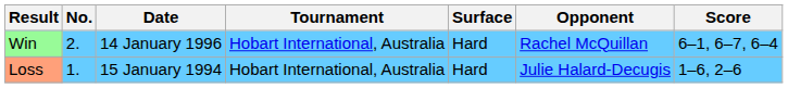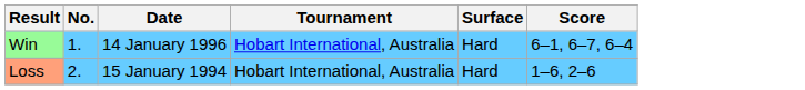 <table class="wikitable">
 <tr>
 <th>Result</th>
 <th>No.</th>
 <th>Date</th>
 <th>Tournament</th>
 <th>Surface</th>
-<th>Opponent</th>
 <th>Score</th>
 </tr>
 <tr style="background:#66ccff">
 <td style="background:#98fb98;">Win</td>
-<td>2.</td>
+<td>1.</td>
 <td>14 January 1996</td>
 <td><a href='#'>Hobart International</a>, Australia</td>
 <td>Hard</td>
-<td> <a href='#'>Rachel McQuillan</a></td>
 <td>6–1, 6–7, 6–4</td>
 </tr>
 <tr style="background:#66ccff">
 <td style="background:#ffa07a;">Loss</td>
-<td>1.</td>
+<td>2.</td>
 <td>15 January 1994</td>
 <td>Hobart International, Australia</td>
 <td>Hard</td>
-<td> <a href='#'>Julie Halard-Decugis</a></td>
 <td>1–6, 2–6</td>
 </tr>
 </table>
